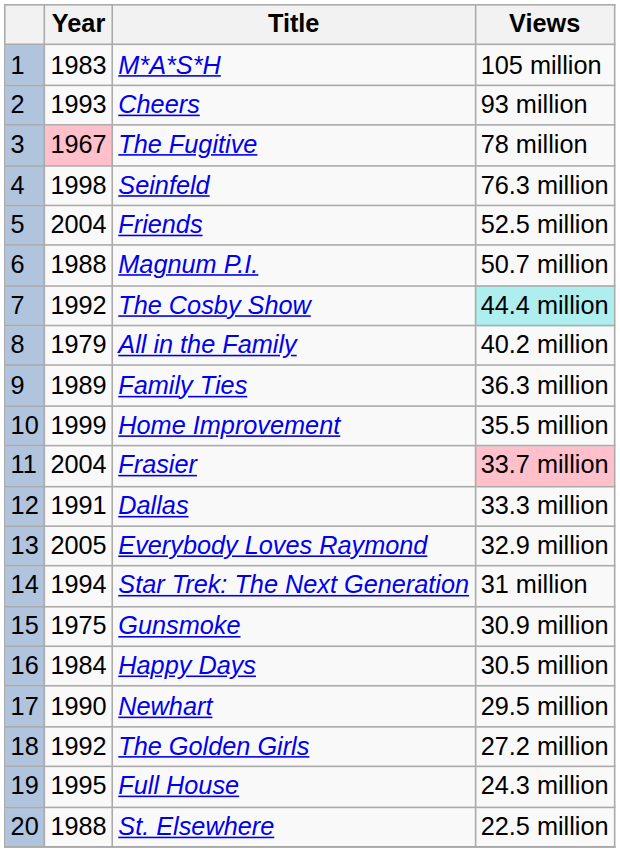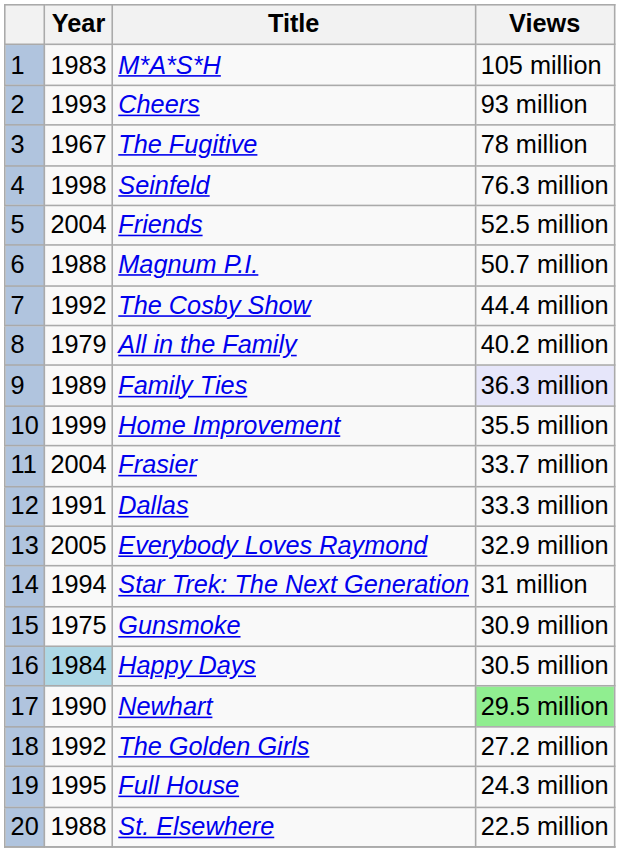 <table class="wikitable">
 <tr>
 <th></th>
 <th>Year</th>
 <th>Title</th>
 <th>Views</th>
 </tr>
 <tr>
 <td style="background:#B0C4DE;">1</td>
 <td>1983</td>
 <td><em><a href='#'>M*A*S*H</a></em></td>
 <td>105 million</td>
 </tr>
 <tr>
 <td style="background:#B0C4DE;">2</td>
 <td>1993</td>
 <td><em><a href='#'>Cheers</a></em></td>
 <td>93 million</td>
 </tr>
 <tr>
 <td style="background:#B0C4DE;">3</td>
-<td style="background: pink;">1967</td>
+<td>1967</td>
 <td><em><a href='#'>The Fugitive</a></em></td>
 <td>78 million</td>
 </tr>
 <tr>
 <td style="background:#B0C4DE;">4</td>
 <td>1998</td>
 <td><em><a href='#'>Seinfeld</a></em></td>
 <td>76.3 million</td>
 </tr>
 <tr>
 <td style="background:#B0C4DE;">5</td>
 <td>2004</td>
 <td><em><a href='#'>Friends</a></em></td>
 <td>52.5 million</td>
 </tr>
 <tr>
 <td style="background:#B0C4DE;">6</td>
 <td>1988</td>
 <td><em><a href='#'>Magnum P.I.</a></em></td>
 <td>50.7 million</td>
 </tr>
 <tr>
 <td style="background:#B0C4DE;">7</td>
 <td>1992</td>
 <td><em><a href='#'>The Cosby Show</a></em></td>
-<td style="background: paleturquoise;">44.4 million</td>
+<td>44.4 million</td>
 </tr>
 <tr>
 <td style="background:#B0C4DE;">8</td>
 <td>1979</td>
 <td><em><a href='#'>All in the Family</a></em></td>
 <td>40.2 million</td>
 </tr>
 <tr>
 <td style="background:#B0C4DE;">9</td>
 <td>1989</td>
 <td><em><a href='#'>Family Ties</a></em></td>
-<td>36.3 million</td>
+<td style="background: lavender;">36.3 million</td>
 </tr>
 <tr>
 <td style="background:#B0C4DE;">10</td>
 <td>1999</td>
 <td><em><a href='#'>Home Improvement</a></em></td>
 <td>35.5 million</td>
 </tr>
 <tr>
 <td style="background:#B0C4DE;">11</td>
 <td>2004</td>
 <td><em><a href='#'>Frasier</a></em></td>
-<td style="background: pink;">33.7 million</td>
+<td>33.7 million</td>
 </tr>
 <tr>
 <td style="background:#B0C4DE;">12</td>
 <td>1991</td>
 <td><em><a href='#'>Dallas</a></em></td>
 <td>33.3 million</td>
 </tr>
 <tr>
 <td style="background:#B0C4DE;">13</td>
 <td>2005</td>
 <td><em><a href='#'>Everybody Loves Raymond</a></em></td>
 <td>32.9 million</td>
 </tr>
 <tr>
 <td style="background:#B0C4DE;">14</td>
 <td>1994</td>
 <td><em><a href='#'>Star Trek: The Next Generation</a></em></td>
 <td>31 million</td>
 </tr>
 <tr>
 <td style="background:#B0C4DE;">15</td>
 <td>1975</td>
 <td><em><a href='#'>Gunsmoke</a></em></td>
 <td>30.9 million</td>
 </tr>
 <tr>
 <td style="background:#B0C4DE;">16</td>
-<td>1984</td>
+<td style="background: lightblue;">1984</td>
 <td><em><a href='#'>Happy Days</a></em></td>
 <td>30.5 million</td>
 </tr>
 <tr>
 <td style="background:#B0C4DE;">17</td>
 <td>1990</td>
 <td><em><a href='#'>Newhart</a></em></td>
-<td>29.5 million</td>
+<td style="background: lightgreen;">29.5 million</td>
 </tr>
 <tr>
 <td style="background:#B0C4DE;">18</td>
 <td>1992</td>
 <td><em><a href='#'>The Golden Girls</a></em></td>
 <td>27.2 million</td>
 </tr>
 <tr>
 <td style="background:#B0C4DE;">19</td>
 <td>1995</td>
 <td><em><a href='#'>Full House</a></em></td>
 <td>24.3 million</td>
 </tr>
 <tr>
 <td style="background:#B0C4DE;">20</td>
 <td>1988</td>
 <td><em><a href='#'>St. Elsewhere</a></em></td>
 <td>22.5 million</td>
 </tr>
 <tr>
 </tr>
 </table>
